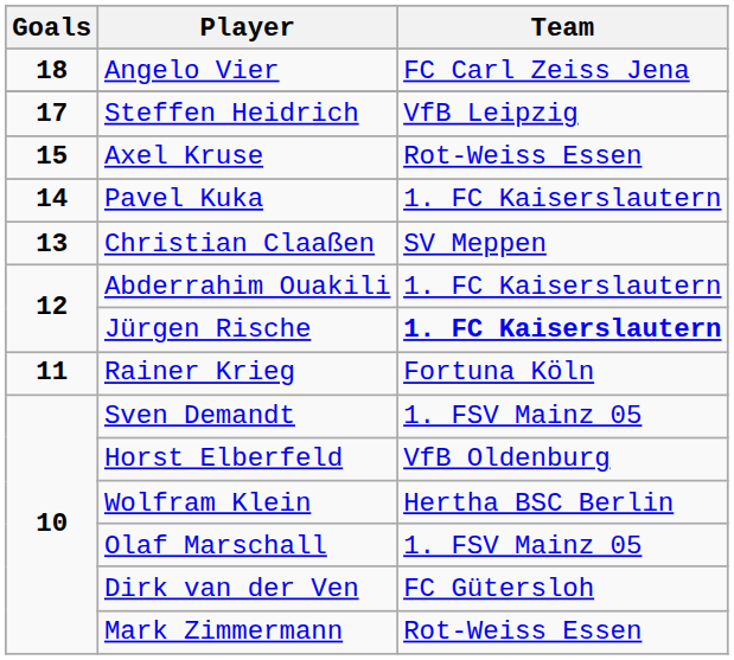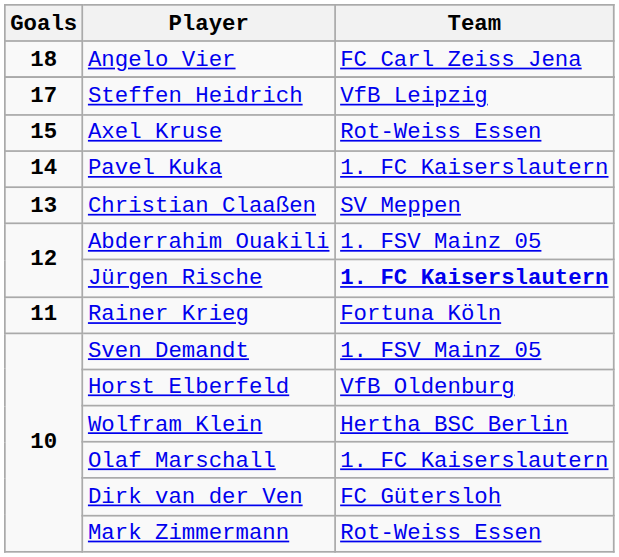 <table class="wikitable">
 <tr>
 <th>Goals</th>
 <th>Player</th>
 <th>Team</th>
 </tr>
 <tr>
 <td rowspan="1" align=center><strong>18</strong></td>
 <td> <a href='#'>Angelo Vier</a></td>
 <td><a href='#'>FC Carl Zeiss Jena</a></td>
 </tr>
 <tr>
 </tr>
 <tr>
 <td rowspan="1" align=center><strong>17</strong></td>
 <td> <a href='#'>Steffen Heidrich</a></td>
 <td><a href='#'>VfB Leipzig</a></td>
 </tr>
 <tr>
 <td rowspan="1" align=center><strong>15</strong></td>
 <td> <a href='#'>Axel Kruse</a></td>
 <td><a href='#'>Rot-Weiss Essen</a></td>
 </tr>
 <tr>
 <td rowspan="1" align=center><strong>14</strong></td>
 <td> <a href='#'>Pavel Kuka</a></td>
 <td><a href='#'>1. FC Kaiserslautern</a></td>
 </tr>
 <tr>
 <td rowspan="1" align=center><strong>13</strong></td>
 <td> <a href='#'>Christian Claaßen</a></td>
 <td><a href='#'>SV Meppen</a></td>
 </tr>
 <tr>
 <td rowspan="2" align=center><strong>12</strong></td>
 <td> <a href='#'>Abderrahim Ouakili</a></td>
-<td><a href='#'>1. FC Kaiserslautern</a></td>
+<td><a href='#'>1. FSV Mainz 05</a></td>
 </tr>
 <tr>
 <td> <a href='#'>Jürgen Rische</a></td>
 <td><strong><a href='#'>1. FC Kaiserslautern</a></strong></td>
 </tr>
 <tr>
 <td rowspan="1" align=center><strong>11</strong></td>
 <td> <a href='#'>Rainer Krieg</a></td>
 <td><a href='#'>Fortuna Köln</a></td>
 </tr>
 <tr>
 <td rowspan="6" align=center><strong>10</strong></td>
 <td> <a href='#'>Sven Demandt</a></td>
 <td><a href='#'>1. FSV Mainz 05</a></td>
 </tr>
 <tr>
 <td> <a href='#'>Horst Elberfeld</a></td>
 <td><a href='#'>VfB Oldenburg</a></td>
 </tr>
 <tr>
 <td> <a href='#'>Wolfram Klein</a></td>
 <td><a href='#'>Hertha BSC Berlin</a></td>
 </tr>
 <tr>
 <td> <a href='#'>Olaf Marschall</a></td>
-<td><a href='#'>1. FSV Mainz 05</a></td>
+<td><a href='#'>1. FC Kaiserslautern</a></td>
 </tr>
 <tr>
 <td> <a href='#'>Dirk van der Ven</a></td>
 <td><a href='#'>FC Gütersloh</a></td>
 </tr>
 <tr>
 <td> <a href='#'>Mark Zimmermann</a></td>
 <td><a href='#'>Rot-Weiss Essen</a></td>
 </tr>
 </table>
